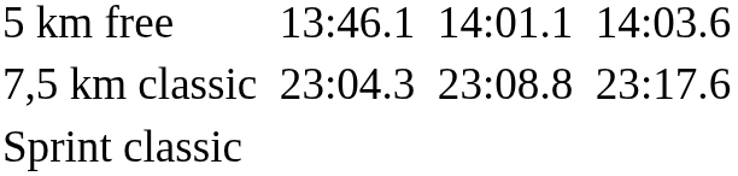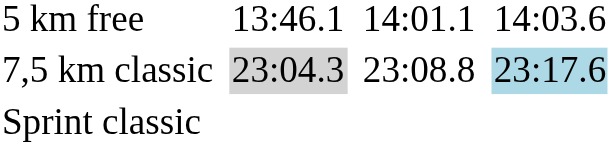 <table>
 <tr>
 <td>5 km free</td>
 <td></td>
 <td>13:46.1</td>
 <td></td>
 <td>14:01.1</td>
 <td></td>
 <td>14:03.6</td>
 </tr>
 <tr>
 <td>7,5 km classic</td>
 <td></td>
-<td>23:04.3</td>
+<td style="background: lightgrey;">23:04.3</td>
 <td></td>
 <td>23:08.8</td>
 <td></td>
-<td>23:17.6</td>
+<td style="background: lightblue;">23:17.6</td>
 </tr>
 <tr>
 <td>Sprint classic</td>
 <td colspan=2></td>
 <td colspan=2></td>
 <td colspan=2></td>
 </tr>
 </table>
